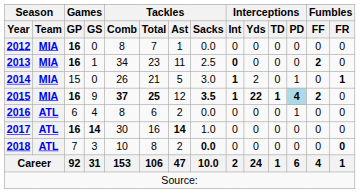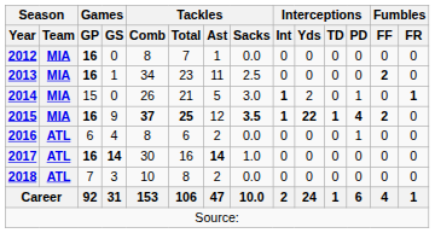 <table class="wikitable" style="text-align:center">
 <tr>
 <th colspan="2">Season</th>
 <th colspan="2">Games</th>
 <th colspan="4">Tackles</th>
 <th colspan="4">Interceptions</th>
 <th colspan="2">Fumbles</th>
 </tr>
 <tr>
 <th>Year</th>
 <th>Team</th>
 <th>GP</th>
 <th>GS</th>
 <th>Comb</th>
 <th>Total</th>
 <th>Ast</th>
 <th>Sacks</th>
 <th>Int</th>
 <th>Yds</th>
 <th>TD</th>
 <th>PD</th>
 <th>FF</th>
 <th>FR</th>
 </tr>
 <tr>
 <th><a href='#'>2012</a></th>
 <th><a href='#'>MIA</a></th>
 <td><strong>16</strong></td>
 <td>0</td>
 <td>8</td>
 <td>7</td>
 <td>1</td>
 <td>0.0</td>
 <td>0</td>
 <td>0</td>
 <td>0</td>
 <td>0</td>
 <td>0</td>
 <td>0</td>
 </tr>
 <tr>
 <th><a href='#'>2013</a></th>
 <th><a href='#'>MIA</a></th>
 <td><strong>16</strong></td>
 <td>1</td>
 <td>34</td>
 <td>23</td>
 <td>11</td>
 <td>2.5</td>
-<td><strong>0</strong></td>
+<td>0</td>
 <td>0</td>
 <td>0</td>
 <td>0</td>
 <td><strong>2</strong></td>
 <td>0</td>
 </tr>
 <tr>
 <th><a href='#'>2014</a></th>
 <th><a href='#'>MIA</a></th>
 <td>15</td>
 <td>0</td>
 <td>26</td>
 <td>21</td>
 <td>5</td>
 <td>3.0</td>
 <td><strong>1</strong></td>
 <td>2</td>
 <td>0</td>
 <td>1</td>
 <td>0</td>
 <td><strong>1</strong></td>
 </tr>
 <tr>
 <th><a href='#'>2015</a></th>
 <th><a href='#'>MIA</a></th>
 <td><strong>16</strong></td>
 <td>9</td>
 <td><strong>37</strong></td>
 <td><strong>25</strong></td>
 <td>12</td>
 <td><strong>3.5</strong></td>
 <td><strong>1</strong></td>
 <td><strong>22</strong></td>
 <td><strong>1</strong></td>
-<td style="background: lightblue;"><strong>4</strong></td>
+<td><strong>4</strong></td>
 <td><strong>2</strong></td>
 <td>0</td>
 </tr>
 <tr>
 <th><a href='#'>2016</a></th>
 <th><a href='#'>ATL</a></th>
 <td>6</td>
 <td>4</td>
 <td>8</td>
 <td>6</td>
 <td>2</td>
 <td>0.0</td>
 <td>0</td>
 <td>0</td>
 <td>0</td>
 <td>1</td>
 <td>0</td>
 <td>0</td>
 </tr>
 <tr>
 <th><a href='#'>2017</a></th>
 <th><a href='#'>ATL</a></th>
 <td><strong>16</strong></td>
 <td><strong>14</strong></td>
 <td>30</td>
 <td>16</td>
 <td><strong>14</strong></td>
 <td>1.0</td>
 <td>0</td>
 <td>0</td>
 <td>0</td>
 <td>0</td>
 <td>0</td>
 <td>0</td>
 </tr>
 <tr>
 <th><a href='#'>2018</a></th>
 <th><a href='#'>ATL</a></th>
 <td>7</td>
 <td>3</td>
 <td>10</td>
 <td>8</td>
 <td>2</td>
-<td><strong>0.0</strong></td>
+<td>0.0</td>
 <td>0</td>
 <td>0</td>
 <td>0</td>
 <td>0</td>
 <td>0</td>
-<td><strong>0</strong></td>
+<td>0</td>
 </tr>
 <tr>
 <th colspan="2">Career</th>
 <th>92</th>
 <th>31</th>
 <th>153</th>
 <th>106</th>
 <th>47</th>
 <th>10.0</th>
 <th>2</th>
 <th>24</th>
 <th>1</th>
 <th>6</th>
 <th>4</th>
 <th>1</th>
 </tr>
 <tr>
 <td colspan="14">Source:</td>
 </tr>
 </table>
